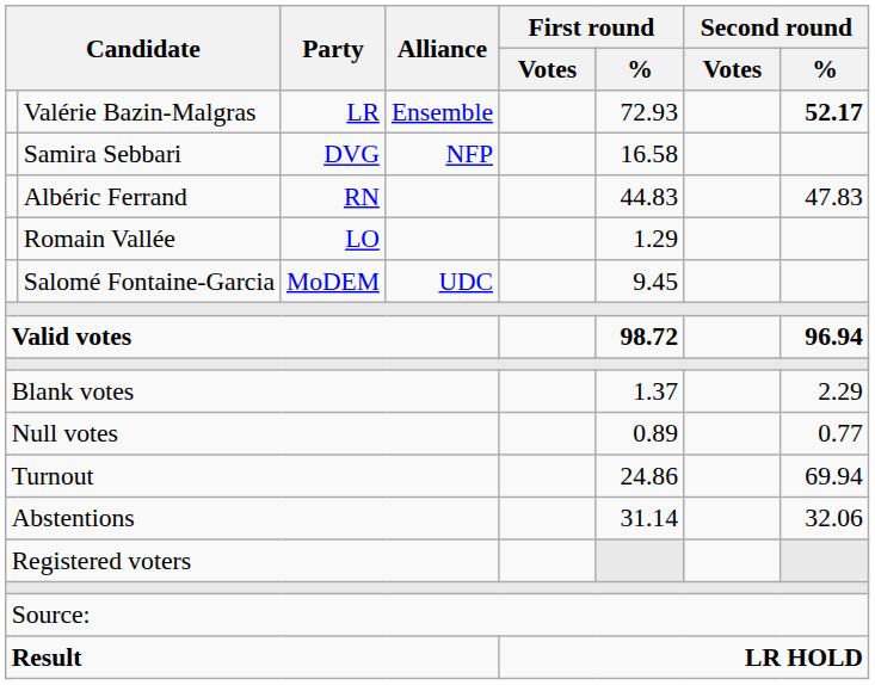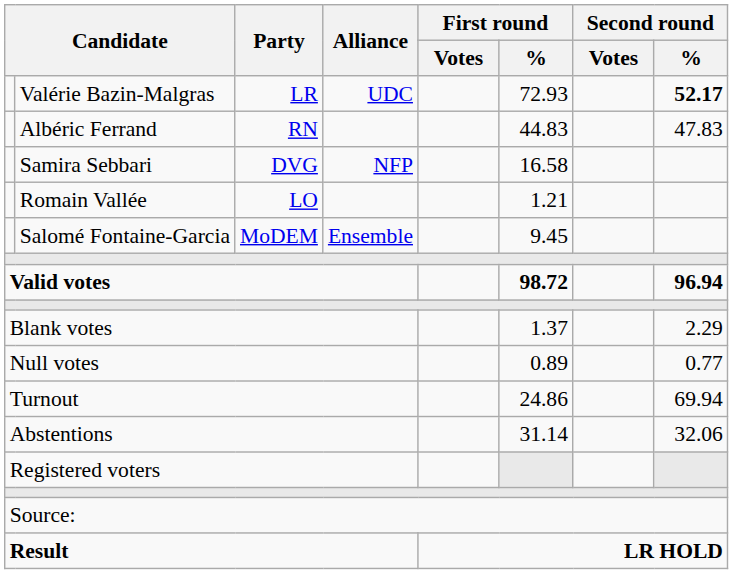 <table class="wikitable" style="text-align:right;font-size:95%;">
 <tr>
 <th colspan="2" rowspan="2">Candidate</th>
 <th colspan="1" rowspan="2">Party</th>
 <th colspan="1" rowspan="2">Alliance</th>
 <th colspan="2">First round</th>
 <th colspan="2">Second round</th>
 </tr>
 <tr>
 <th style="width:50px;">Votes</th>
 <th style="width:45px;">%</th>
 <th style="width:50px;">Votes</th>
 <th style="width:45px;">%</th>
 </tr>
 <tr>
 <td style="color:inherit;background:"></td>
 <td style="text-align:left;">Valérie Bazin-Malgras</td>
 <td><a href='#'>LR</a></td>
-<td><a href='#'>Ensemble</a></td>
+<td><a href='#'>UDC</a></td>
 <td></td>
 <td>72.93</td>
 <td><strong></strong></td>
 <td><strong>52.17</strong></td>
+</tr>
+<tr>
+<td style="color:inherit;background:"></td>
+<td style="text-align:left;">Albéric Ferrand</td>
+<td><a href='#'>RN</a></td>
+<td></td>
+<td></td>
+<td>44.83</td>
+<td></td>
+<td>47.83</td>
 </tr>
 <tr>
 <td style="color:inherit;background:"></td>
 <td style="text-align:left;">Samira Sebbari</td>
 <td><a href='#'>DVG</a></td>
 <td><a href='#'>NFP</a></td>
 <td></td>
 <td>16.58</td>
 <td></td>
 <td></td>
 </tr>
 <tr>
 <td style="color:inherit;background:"></td>
-<td style="text-align:left;">Albéric Ferrand</td>
-<td><a href='#'>RN</a></td>
-<td></td>
-<td></td>
-<td>44.83</td>
-<td></td>
-<td>47.83</td>
-</tr>
-<tr>
-<td style="color:inherit;background:"></td>
 <td style="text-align:left;">Romain Vallée</td>
 <td><a href='#'>LO</a></td>
 <td></td>
 <td></td>
-<td>1.29</td>
+<td>1.21</td>
 <td></td>
 <td></td>
 </tr>
 <tr>
 <td style="color:inherit;background:"></td>
 <td style="text-align:left;">Salomé Fontaine-Garcia</td>
 <td><a href='#'>MoDEM</a></td>
-<td><a href='#'>UDC</a></td>
+<td><a href='#'>Ensemble</a></td>
 <td></td>
 <td>9.45</td>
 <td></td>
 <td></td>
 </tr>
 <tr>
 <td colspan="8" style="background:#E9E9E9;"></td>
 </tr>
 <tr style="font-weight:bold;">
 <td colspan="4" style="text-align:left;">Valid votes</td>
 <td></td>
 <td>98.72</td>
 <td></td>
 <td>96.94</td>
 </tr>
 <tr>
 <td colspan="8" style="background:#E9E9E9;"></td>
 </tr>
 <tr>
 <td colspan="4" style="text-align:left;">Blank votes</td>
 <td></td>
 <td>1.37</td>
 <td></td>
 <td>2.29</td>
 </tr>
 <tr>
 <td colspan="4" style="text-align:left;">Null votes</td>
 <td></td>
 <td>0.89</td>
 <td></td>
 <td>0.77</td>
 </tr>
 <tr>
 <td colspan="4" style="text-align:left;">Turnout</td>
 <td></td>
 <td>24.86</td>
 <td></td>
 <td>69.94</td>
 </tr>
 <tr>
 <td colspan="4" style="text-align:left;">Abstentions</td>
 <td></td>
 <td>31.14</td>
 <td></td>
 <td>32.06</td>
 </tr>
 <tr>
 <td colspan="4" style="text-align:left;">Registered voters</td>
 <td></td>
 <td style="background:#E9E9E9;"></td>
 <td></td>
 <td style="background:#E9E9E9;"></td>
 </tr>
 <tr>
 <td colspan="8" style="background:#E9E9E9;"></td>
 </tr>
 <tr>
 <td colspan="8" style="text-align:left;">Source: </td>
 </tr>
 <tr style="font-weight:bold">
 <td colspan="4" style="text-align:left;">Result</td>
 <td colspan="4" style="background-color:">LR HOLD</td>
 </tr>
 </table>
